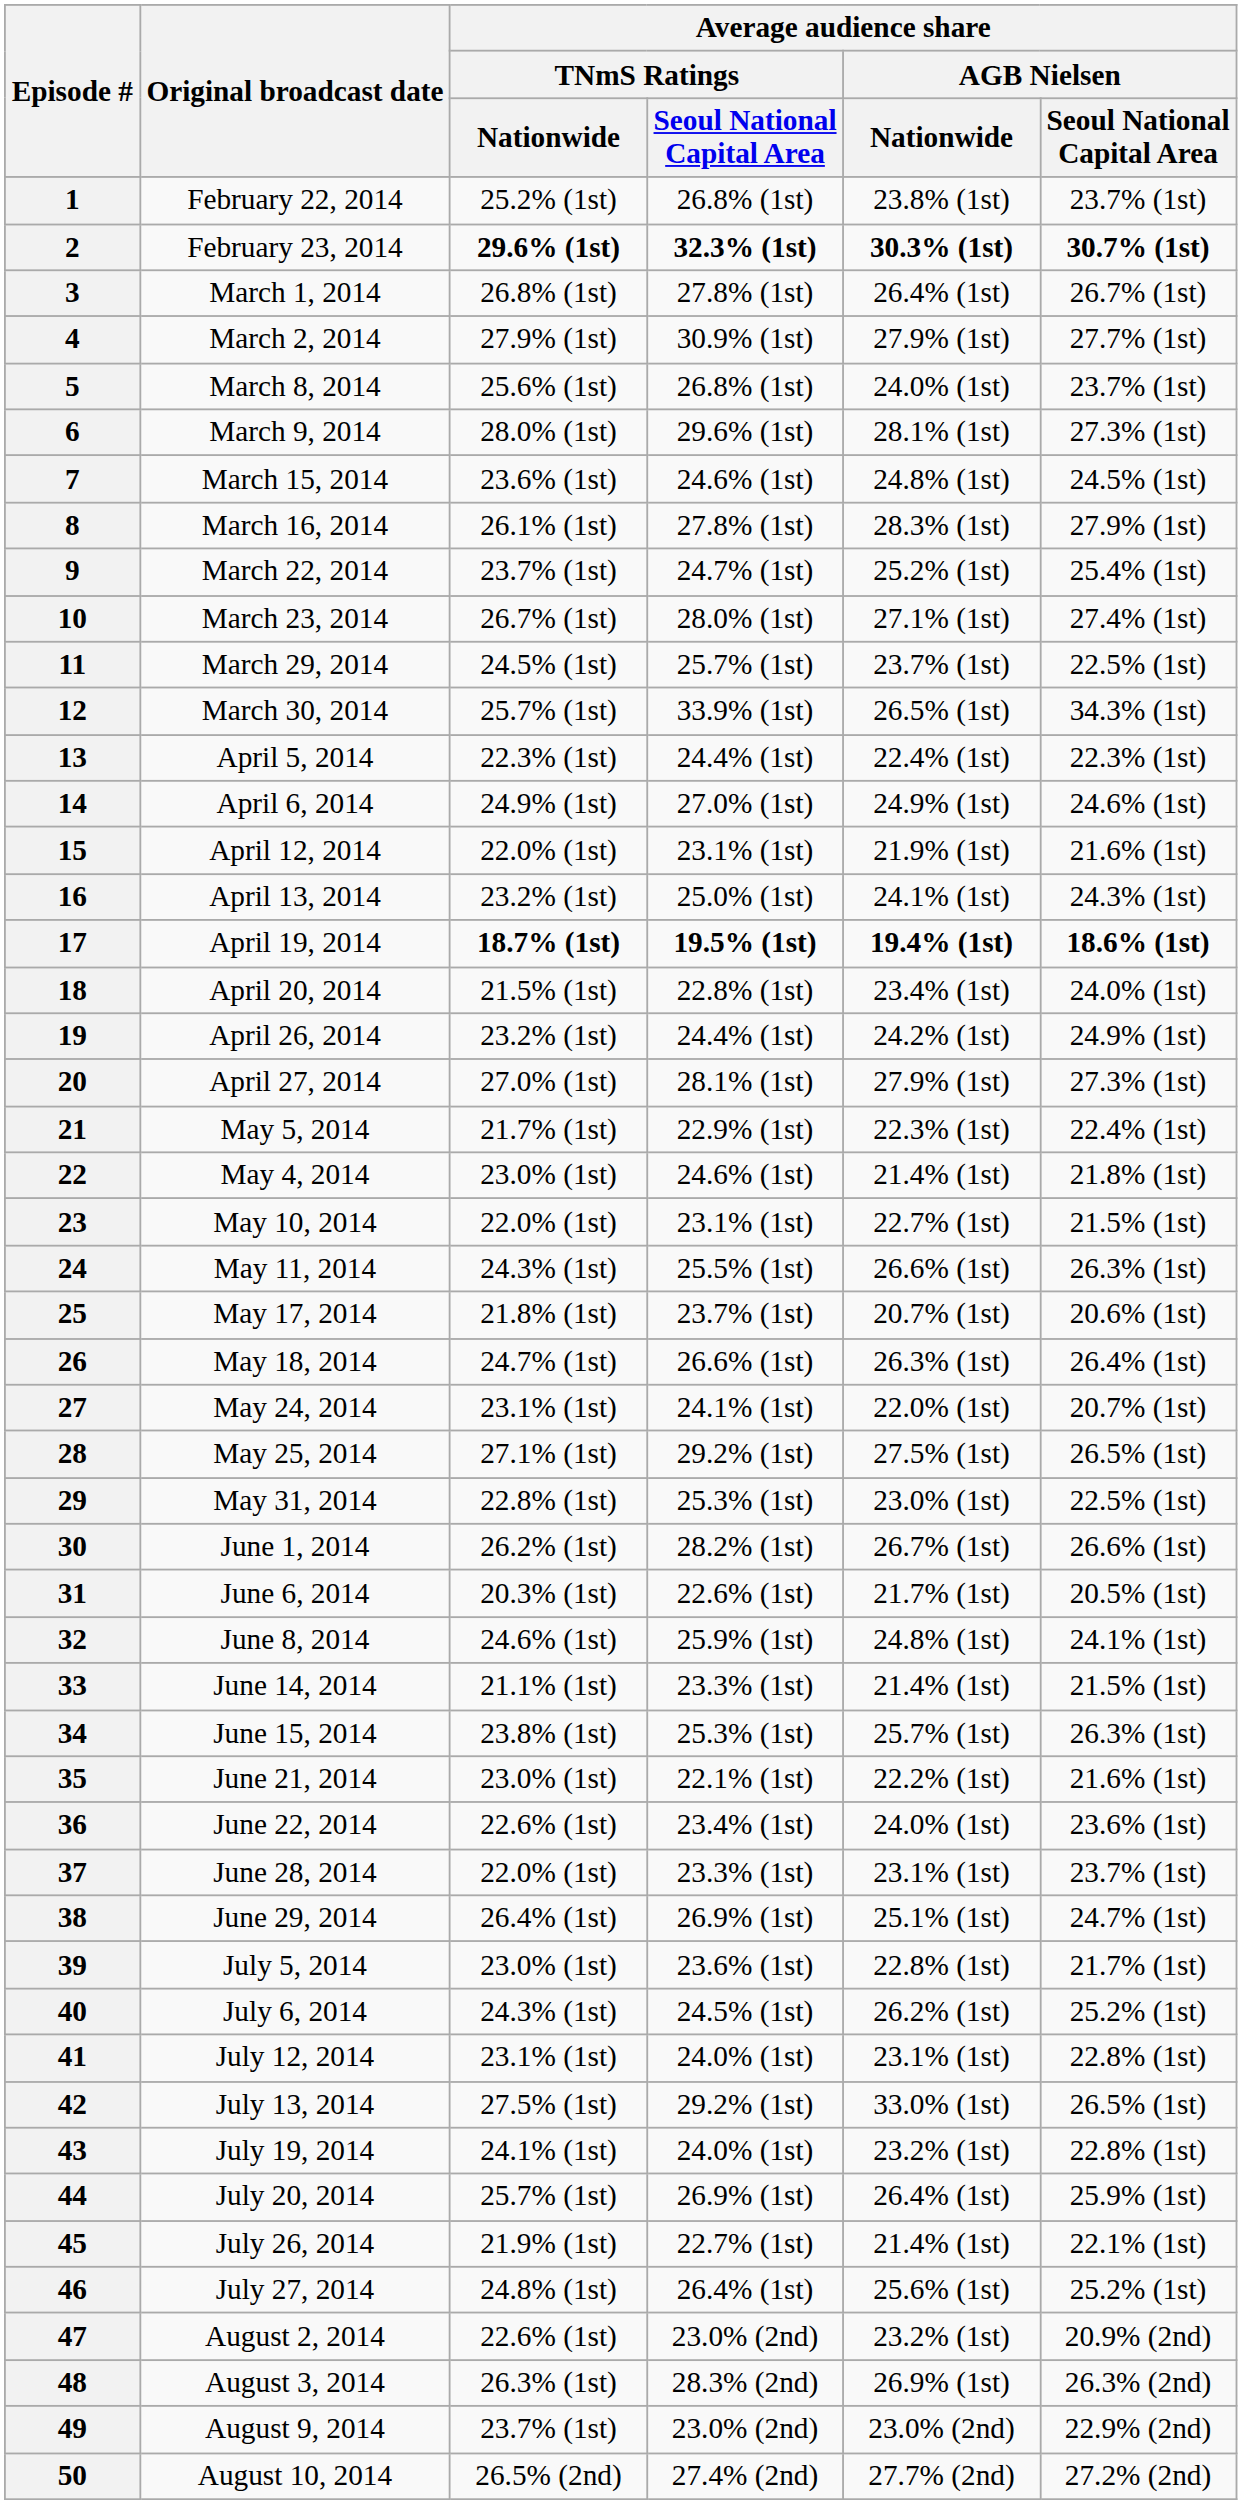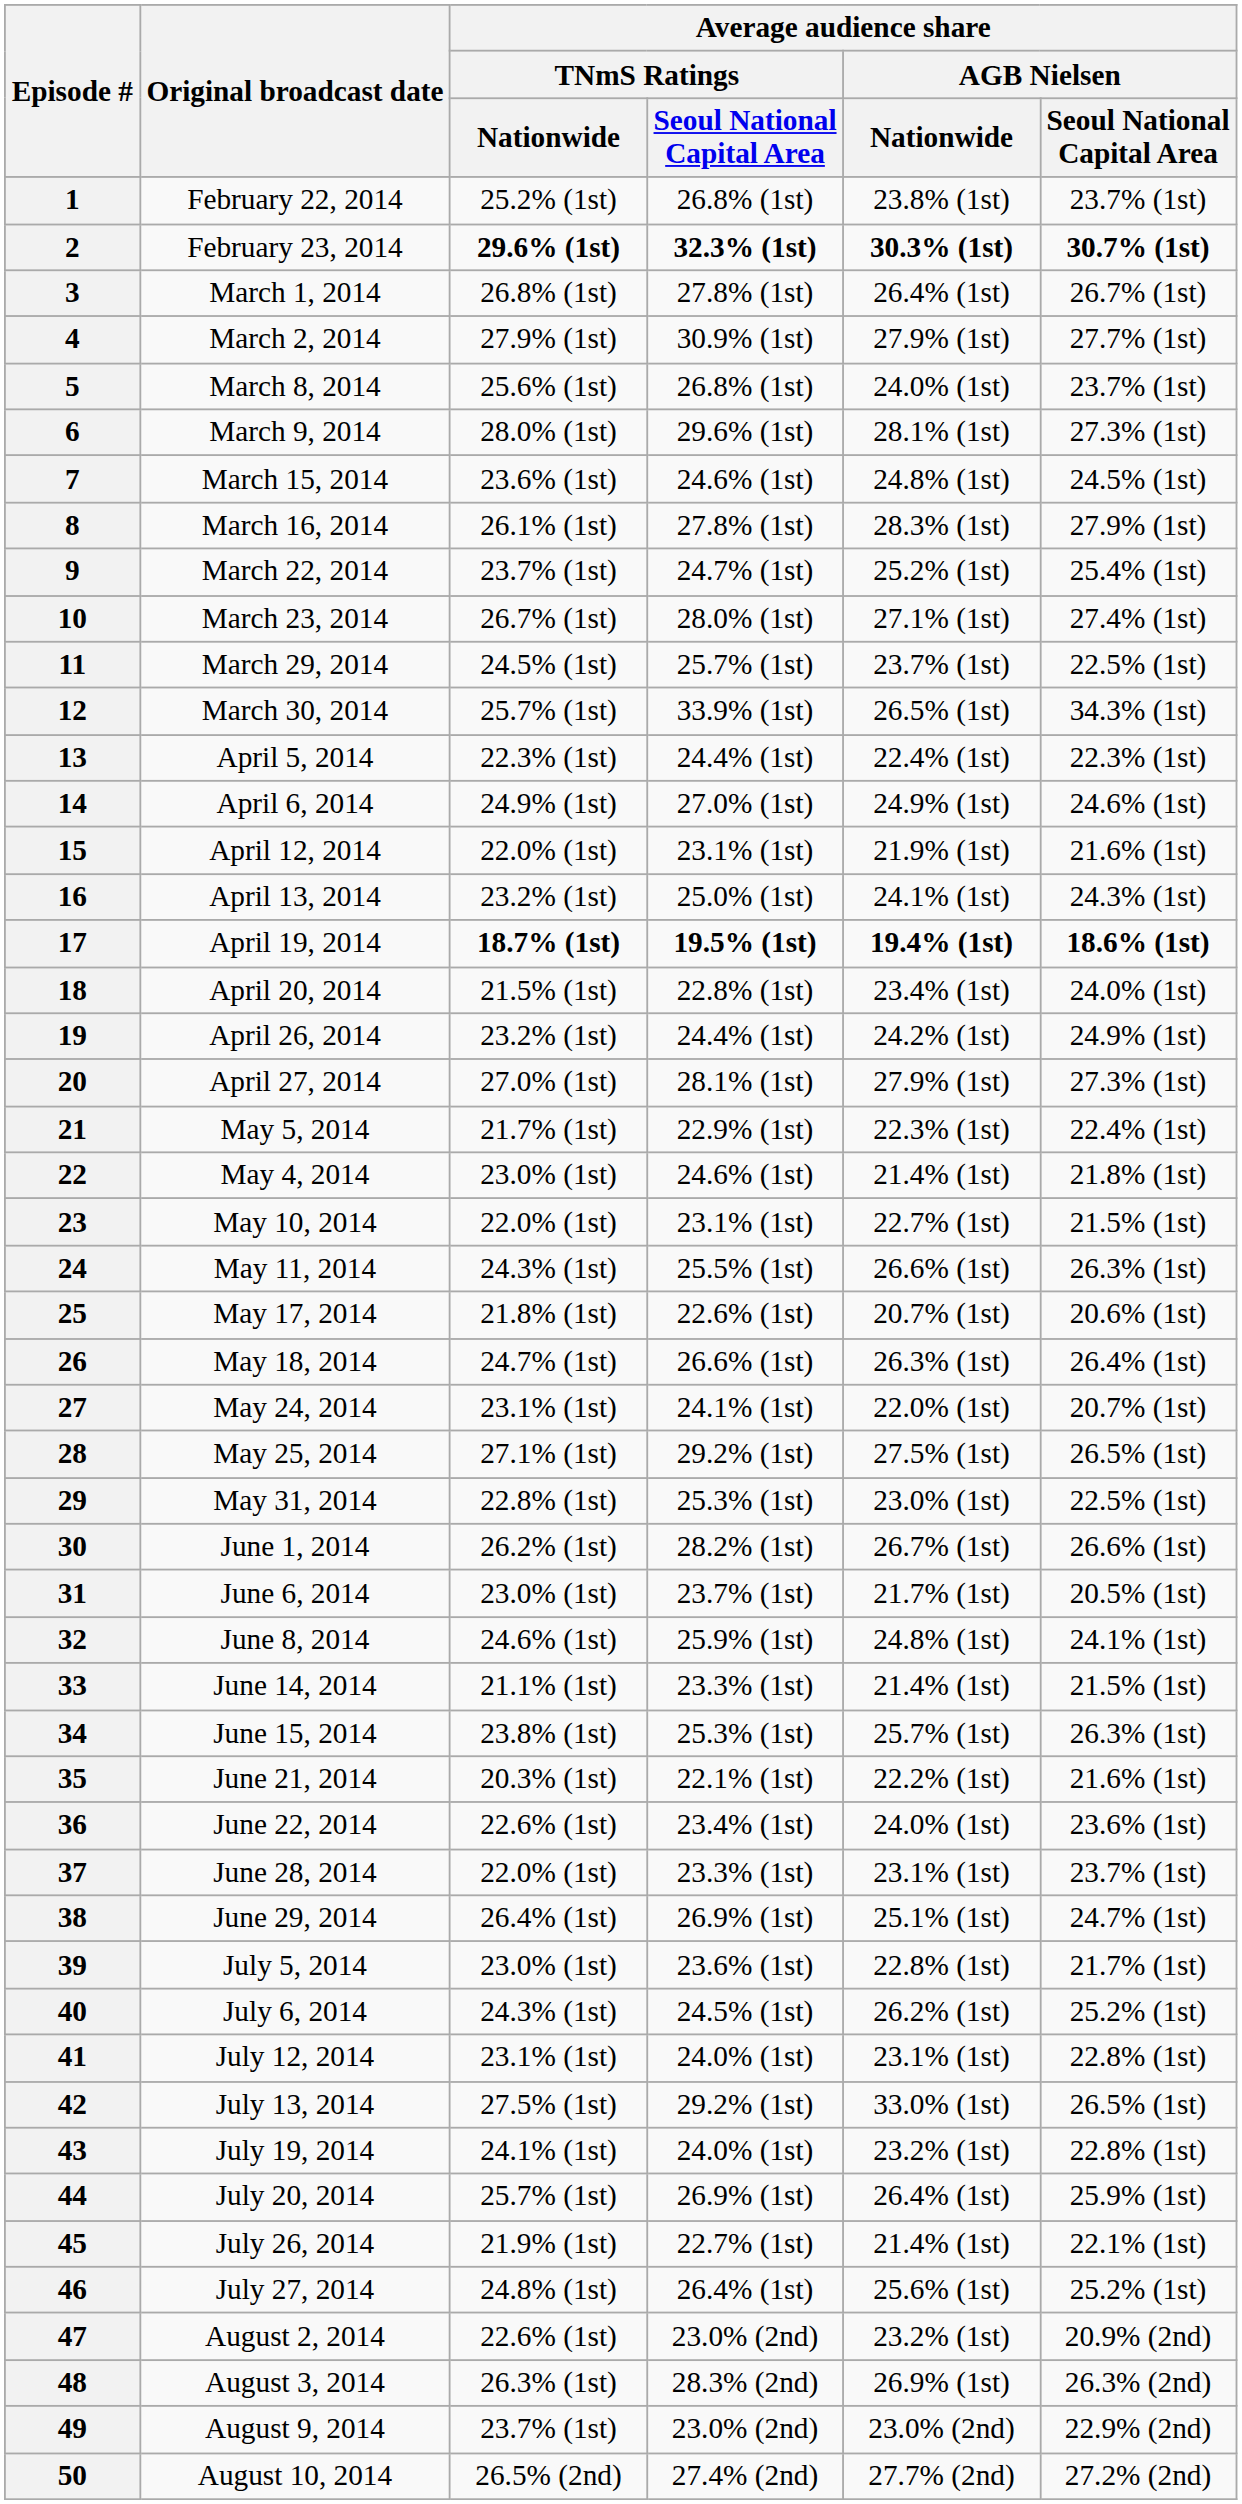 <table class=wikitable style="text-align:center">
 <tr>
 <th rowspan="3">Episode #</th>
 <th rowspan="3">Original broadcast date</th>
 <th colspan="5">Average audience share</th>
 </tr>
 <tr>
 <th colspan="2">TNmS Ratings</th>
 <th colspan="2">AGB Nielsen</th>
 </tr>
 <tr>
 <th width=100>Nationwide</th>
 <th width=100><a href='#'>Seoul National Capital Area</a></th>
 <th width=100>Nationwide</th>
 <th width=100>Seoul National Capital Area</th>
 </tr>
 <tr>
 <th>1</th>
 <td>February 22, 2014</td>
 <td>25.2% (1st)</td>
 <td>26.8% (1st)</td>
 <td>23.8% (1st)</td>
 <td>23.7% (1st)</td>
 </tr>
 <tr>
 <th>2</th>
 <td>February 23, 2014</td>
 <td><span><strong>29.6% (1st)</strong></span></td>
 <td><span><strong>32.3% (1st)</strong></span></td>
 <td><span><strong>30.3% (1st)</strong></span></td>
 <td><span><strong>30.7% (1st)</strong></span></td>
 </tr>
 <tr>
 <th>3</th>
 <td>March 1, 2014</td>
 <td>26.8% (1st)</td>
 <td>27.8% (1st)</td>
 <td>26.4% (1st)</td>
 <td>26.7% (1st)</td>
 </tr>
 <tr>
 <th>4</th>
 <td>March 2, 2014</td>
 <td>27.9% (1st)</td>
 <td>30.9% (1st)</td>
 <td>27.9% (1st)</td>
 <td>27.7% (1st)</td>
 </tr>
 <tr>
 <th>5</th>
 <td>March 8, 2014</td>
 <td>25.6% (1st)</td>
 <td>26.8% (1st)</td>
 <td>24.0% (1st)</td>
 <td>23.7% (1st)</td>
 </tr>
 <tr>
 <th>6</th>
 <td>March 9, 2014</td>
 <td>28.0% (1st)</td>
 <td>29.6% (1st)</td>
 <td>28.1% (1st)</td>
 <td>27.3% (1st)</td>
 </tr>
 <tr>
 <th>7</th>
 <td>March 15, 2014</td>
 <td>23.6% (1st)</td>
 <td>24.6% (1st)</td>
 <td>24.8% (1st)</td>
 <td>24.5% (1st)</td>
 </tr>
 <tr>
 <th>8</th>
 <td>March 16, 2014</td>
 <td>26.1% (1st)</td>
 <td>27.8% (1st)</td>
 <td>28.3% (1st)</td>
 <td>27.9% (1st)</td>
 </tr>
 <tr>
 <th>9</th>
 <td>March 22, 2014</td>
 <td>23.7% (1st)</td>
 <td>24.7% (1st)</td>
 <td>25.2% (1st)</td>
 <td>25.4% (1st)</td>
 </tr>
 <tr>
 <th>10</th>
 <td>March 23, 2014</td>
 <td>26.7% (1st)</td>
 <td>28.0% (1st)</td>
 <td>27.1% (1st)</td>
 <td>27.4% (1st)</td>
 </tr>
 <tr>
 <th>11</th>
 <td>March 29, 2014</td>
 <td>24.5% (1st)</td>
 <td>25.7% (1st)</td>
 <td>23.7% (1st)</td>
 <td>22.5% (1st)</td>
 </tr>
 <tr>
 <th>12</th>
 <td>March 30, 2014</td>
 <td>25.7% (1st)</td>
 <td>33.9% (1st)</td>
 <td>26.5% (1st)</td>
 <td>34.3% (1st)</td>
 </tr>
 <tr>
 <th>13</th>
 <td>April 5, 2014</td>
 <td>22.3% (1st)</td>
 <td>24.4% (1st)</td>
 <td>22.4% (1st)</td>
 <td>22.3% (1st)</td>
 </tr>
 <tr>
 <th>14</th>
 <td>April 6, 2014</td>
 <td>24.9% (1st)</td>
 <td>27.0% (1st)</td>
 <td>24.9% (1st)</td>
 <td>24.6% (1st)</td>
 </tr>
 <tr>
 <th>15</th>
 <td>April 12, 2014</td>
 <td>22.0% (1st)</td>
 <td>23.1% (1st)</td>
 <td>21.9% (1st)</td>
 <td>21.6% (1st)</td>
 </tr>
 <tr>
 <th>16</th>
 <td>April 13, 2014</td>
 <td>23.2% (1st)</td>
 <td>25.0% (1st)</td>
 <td>24.1% (1st)</td>
 <td>24.3% (1st)</td>
 </tr>
 <tr>
 <th>17</th>
 <td>April 19, 2014</td>
 <td><span><strong>18.7% (1st)</strong></span></td>
 <td><span><strong>19.5% (1st)</strong></span></td>
 <td><span><strong>19.4% (1st)	</strong></span></td>
 <td><span><strong>18.6% (1st)</strong></span></td>
 </tr>
 <tr>
 <th>18</th>
 <td>April 20, 2014</td>
 <td>21.5% (1st)</td>
 <td>22.8% (1st)</td>
 <td>23.4% (1st)</td>
 <td>24.0% (1st)</td>
 </tr>
 <tr>
 <th>19</th>
 <td>April 26, 2014</td>
 <td>23.2% (1st)</td>
 <td>24.4% (1st)</td>
 <td>24.2% (1st)</td>
 <td>24.9% (1st)</td>
 </tr>
 <tr>
 <th>20</th>
 <td>April 27, 2014</td>
 <td>27.0% (1st)</td>
 <td>28.1% (1st)</td>
 <td>27.9% (1st)</td>
 <td>27.3% (1st)</td>
 </tr>
 <tr>
 <th>21</th>
 <td>May 5, 2014</td>
 <td>21.7% (1st)</td>
 <td>22.9% (1st)</td>
 <td>22.3% (1st)</td>
 <td>22.4% (1st)</td>
 </tr>
 <tr>
 <th>22</th>
 <td>May 4, 2014</td>
 <td>23.0% (1st)</td>
 <td>24.6% (1st)</td>
 <td>21.4% (1st)</td>
 <td>21.8% (1st)</td>
 </tr>
 <tr>
 <th>23</th>
 <td>May 10, 2014</td>
 <td>22.0% (1st)</td>
 <td>23.1% (1st)</td>
 <td>22.7% (1st)</td>
 <td>21.5% (1st)</td>
 </tr>
 <tr>
 <th>24</th>
 <td>May 11, 2014</td>
 <td>24.3% (1st)</td>
 <td>25.5% (1st)</td>
 <td>26.6% (1st)</td>
 <td>26.3% (1st)</td>
 </tr>
 <tr>
 <th>25</th>
 <td>May 17, 2014</td>
 <td>21.8% (1st)</td>
-<td>23.7% (1st)</td>
+<td>22.6% (1st)</td>
 <td>20.7% (1st)</td>
 <td>20.6% (1st)</td>
 </tr>
 <tr>
 <th>26</th>
 <td>May 18, 2014</td>
 <td>24.7% (1st)</td>
 <td>26.6% (1st)</td>
 <td>26.3% (1st)</td>
 <td>26.4% (1st)</td>
 </tr>
 <tr>
 <th>27</th>
 <td>May 24, 2014</td>
 <td>23.1% (1st)</td>
 <td>24.1% (1st)</td>
 <td>22.0% (1st)</td>
 <td>20.7% (1st)</td>
 </tr>
 <tr>
 <th>28</th>
 <td>May 25, 2014</td>
 <td>27.1% (1st)</td>
 <td>29.2% (1st)</td>
 <td>27.5% (1st)</td>
 <td>26.5% (1st)</td>
 </tr>
 <tr>
 <th>29</th>
 <td>May 31, 2014</td>
 <td>22.8% (1st)</td>
 <td>25.3% (1st)</td>
 <td>23.0% (1st)</td>
 <td>22.5% (1st)</td>
 </tr>
 <tr>
 <th>30</th>
 <td>June 1, 2014</td>
 <td>26.2% (1st)</td>
 <td>28.2% (1st)</td>
 <td>26.7% (1st)</td>
 <td>26.6% (1st)</td>
 </tr>
 <tr>
 <th>31</th>
 <td>June 6, 2014</td>
-<td>20.3% (1st)</td>
-<td>22.6% (1st)</td>
+<td>23.0% (1st)</td>
+<td>23.7% (1st)</td>
 <td>21.7% (1st)</td>
 <td>20.5% (1st)</td>
 </tr>
 <tr>
 <th>32</th>
 <td>June 8, 2014</td>
 <td>24.6% (1st)</td>
 <td>25.9% (1st)</td>
 <td>24.8% (1st)</td>
 <td>24.1% (1st)</td>
 </tr>
 <tr>
 <th>33</th>
 <td>June 14, 2014</td>
 <td>21.1% (1st)</td>
 <td>23.3% (1st)</td>
 <td>21.4% (1st)</td>
 <td>21.5% (1st)</td>
 </tr>
 <tr>
 <th>34</th>
 <td>June 15, 2014</td>
 <td>23.8% (1st)</td>
 <td>25.3% (1st)</td>
 <td>25.7% (1st)</td>
 <td>26.3% (1st)</td>
 </tr>
 <tr>
 <th>35</th>
 <td>June 21, 2014</td>
-<td>23.0% (1st)</td>
+<td>20.3% (1st)</td>
 <td>22.1% (1st)</td>
 <td>22.2% (1st)</td>
 <td>21.6% (1st)</td>
 </tr>
 <tr>
 <th>36</th>
 <td>June 22, 2014</td>
 <td>22.6% (1st)</td>
 <td>23.4% (1st)</td>
 <td>24.0% (1st)</td>
 <td>23.6% (1st)</td>
 </tr>
 <tr>
 <th>37</th>
 <td>June 28, 2014</td>
 <td>22.0% (1st)</td>
 <td>23.3% (1st)</td>
 <td>23.1% (1st)</td>
 <td>23.7% (1st)</td>
 </tr>
 <tr>
 <th>38</th>
 <td>June 29, 2014</td>
 <td>26.4% (1st)</td>
 <td>26.9% (1st)</td>
 <td>25.1% (1st)</td>
 <td>24.7% (1st)</td>
 </tr>
 <tr>
 <th>39</th>
 <td>July 5, 2014</td>
 <td>23.0% (1st)</td>
 <td>23.6% (1st)</td>
 <td>22.8% (1st)</td>
 <td>21.7% (1st)</td>
 </tr>
 <tr>
 <th>40</th>
 <td>July 6, 2014</td>
 <td>24.3% (1st)</td>
 <td>24.5% (1st)</td>
 <td>26.2% (1st)</td>
 <td>25.2% (1st)</td>
 </tr>
 <tr>
 <th>41</th>
 <td>July 12, 2014</td>
 <td>23.1% (1st)</td>
 <td>24.0% (1st)</td>
 <td>23.1% (1st)</td>
 <td>22.8% (1st)</td>
 </tr>
 <tr>
 <th>42</th>
 <td>July 13, 2014</td>
 <td>27.5% (1st)</td>
 <td>29.2% (1st)</td>
 <td>33.0% (1st)</td>
 <td>26.5% (1st)</td>
 </tr>
 <tr>
 <th>43</th>
 <td>July 19, 2014</td>
 <td>24.1% (1st)</td>
 <td>24.0% (1st)</td>
 <td>23.2% (1st)</td>
 <td>22.8% (1st)</td>
 </tr>
 <tr>
 <th>44</th>
 <td>July 20, 2014</td>
 <td>25.7% (1st)</td>
 <td>26.9% (1st)</td>
 <td>26.4% (1st)</td>
 <td>25.9% (1st)</td>
 </tr>
 <tr>
 <th>45</th>
 <td>July 26, 2014</td>
 <td>21.9% (1st)</td>
 <td>22.7% (1st)</td>
 <td>21.4% (1st)</td>
 <td>22.1% (1st)</td>
 </tr>
 <tr>
 <th>46</th>
 <td>July 27, 2014</td>
 <td>24.8% (1st)</td>
 <td>26.4% (1st)</td>
 <td>25.6% (1st)</td>
 <td>25.2% (1st)</td>
 </tr>
 <tr>
 <th>47</th>
 <td>August 2, 2014</td>
 <td>22.6% (1st)</td>
 <td>23.0% (2nd)</td>
 <td>23.2% (1st)</td>
 <td>20.9% (2nd)</td>
 </tr>
 <tr>
 <th>48</th>
 <td>August 3, 2014</td>
 <td>26.3% (1st)</td>
 <td>28.3% (2nd)</td>
 <td>26.9% (1st)</td>
 <td>26.3% (2nd)</td>
 </tr>
 <tr>
 <th>49</th>
 <td>August 9, 2014</td>
 <td>23.7% (1st)</td>
 <td>23.0% (2nd)</td>
 <td>23.0% (2nd)</td>
 <td>22.9% (2nd)</td>
 </tr>
 <tr>
 <th>50</th>
 <td>August 10, 2014</td>
 <td>26.5% (2nd)</td>
 <td>27.4% (2nd)</td>
 <td>27.7% (2nd)</td>
 <td>27.2% (2nd)</td>
 </tr>
 </table>
